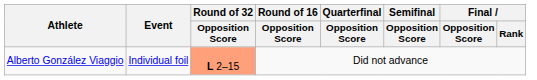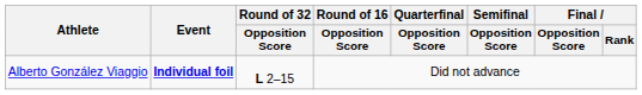 <table class="wikitable" style="font-size:90%">
 <tr>
 <th rowspan="2">Athlete</th>
 <th rowspan="2">Event</th>
 <th>Round of 32</th>
 <th>Round of 16</th>
 <th>Quarterfinal</th>
 <th>Semifinal</th>
 <th colspan=2>Final / </th>
 </tr>
 <tr style="font-size:95%">
 <th>Opposition <br> Score</th>
 <th>Opposition <br> Score</th>
 <th>Opposition <br> Score</th>
 <th>Opposition <br> Score</th>
 <th>Opposition <br> Score</th>
 <th>Rank</th>
 </tr>
 <tr align=center>
 <td align=left><a href='#'>Alberto González Viaggio</a></td>
-<td align=left><a href='#'>Individual foil</a></td>
-<td style="background: lightsalmon;"><br><strong>L</strong> 2–15</td>
+<td align=left><strong><a href='#'>Individual foil</a></strong></td>
+<td><br><strong>L</strong> 2–15</td>
 <td colspan=5>Did not advance</td>
 </tr>
 </table>
